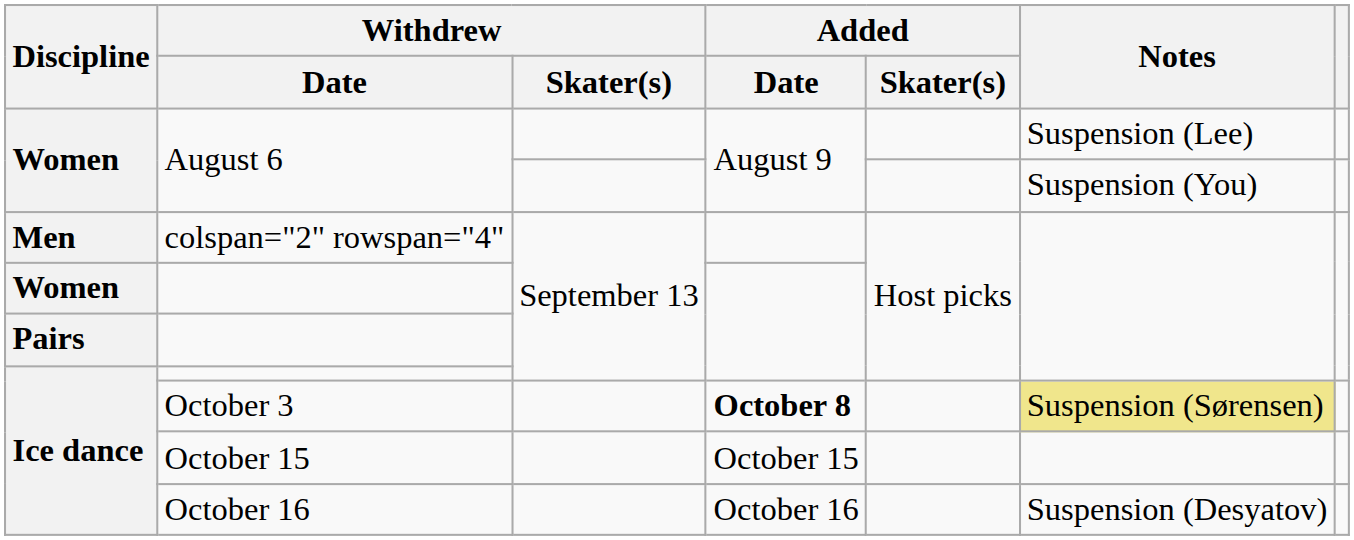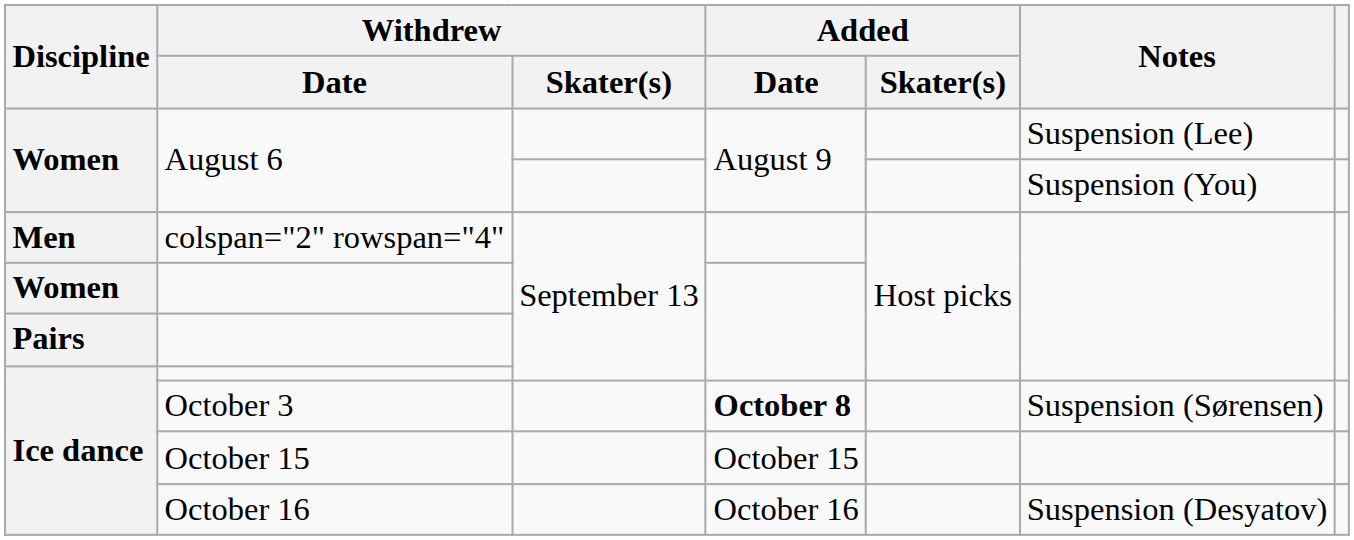 <table class="wikitable unsortable">
 <tr>
 <th scope="col" rowspan=2>Discipline</th>
 <th scope="col" colspan=2>Withdrew</th>
 <th scope="col" colspan=2>Added</th>
 <th scope="col" rowspan=2>Notes</th>
 <th scope="col" rowspan=2></th>
 </tr>
 <tr>
 <th>Date</th>
 <th>Skater(s)</th>
 <th>Date</th>
 <th>Skater(s)</th>
 </tr>
 <tr>
 <th rowspan="2" scope="row" style="text-align:left">Women</th>
 <td rowspan="2">August 6</td>
 <td></td>
 <td rowspan="2">August 9</td>
 <td></td>
 <td>Suspension (Lee)</td>
 <td></td>
 </tr>
 <tr>
 <td></td>
 <td></td>
 <td>Suspension (You)</td>
 <td></td>
 </tr>
 <tr>
 <th scope="row" style="text-align:left">Men</th>
 <td>colspan="2" rowspan="4" </td>
 <td rowspan="4">September 13</td>
 <td></td>
 <td rowspan="4">Host picks</td>
 <td rowspan="4"></td>
 </tr>
 <tr>
 <th scope="row" style="text-align:left">Women</th>
 <td></td>
 </tr>
 <tr>
 <th scope="row" style="text-align:left">Pairs</th>
 <td></td>
 </tr>
 <tr>
 <th rowspan="4" scope="row" style="text-align:left">Ice dance</th>
 <td></td>
 </tr>
 <tr>
 <td>October 3</td>
 <td></td>
 <td><strong>October 8</strong></td>
 <td></td>
-<td style="background: khaki;">Suspension (Sørensen)</td>
+<td>Suspension (Sørensen)</td>
 <td></td>
 </tr>
 <tr>
 <td>October 15</td>
 <td></td>
 <td>October 15</td>
 <td></td>
 <td></td>
 <td></td>
 </tr>
 <tr>
 <td>October 16</td>
 <td></td>
 <td>October 16</td>
 <td></td>
 <td>Suspension (Desyatov)</td>
 <td></td>
 </tr>
 </table>
